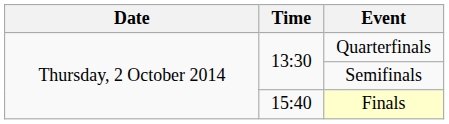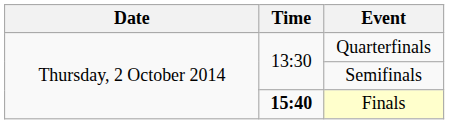 <table class = "wikitable" style="text-align:center;">
 <tr>
 <th width=220>Date</th>
 <th width=50>Time</th>
 <th width=100>Event</th>
 </tr>
 <tr>
 <td rowspan=3>Thursday, 2 October 2014</td>
 <td rowspan=2>13:30</td>
 <td>Quarterfinals</td>
 </tr>
 <tr>
 <td>Semifinals</td>
 </tr>
 <tr>
-<td>15:40</td>
+<td><strong>15:40</strong></td>
 <td bgcolor=ffffcc>Finals</td>
 </tr>
 </table>
